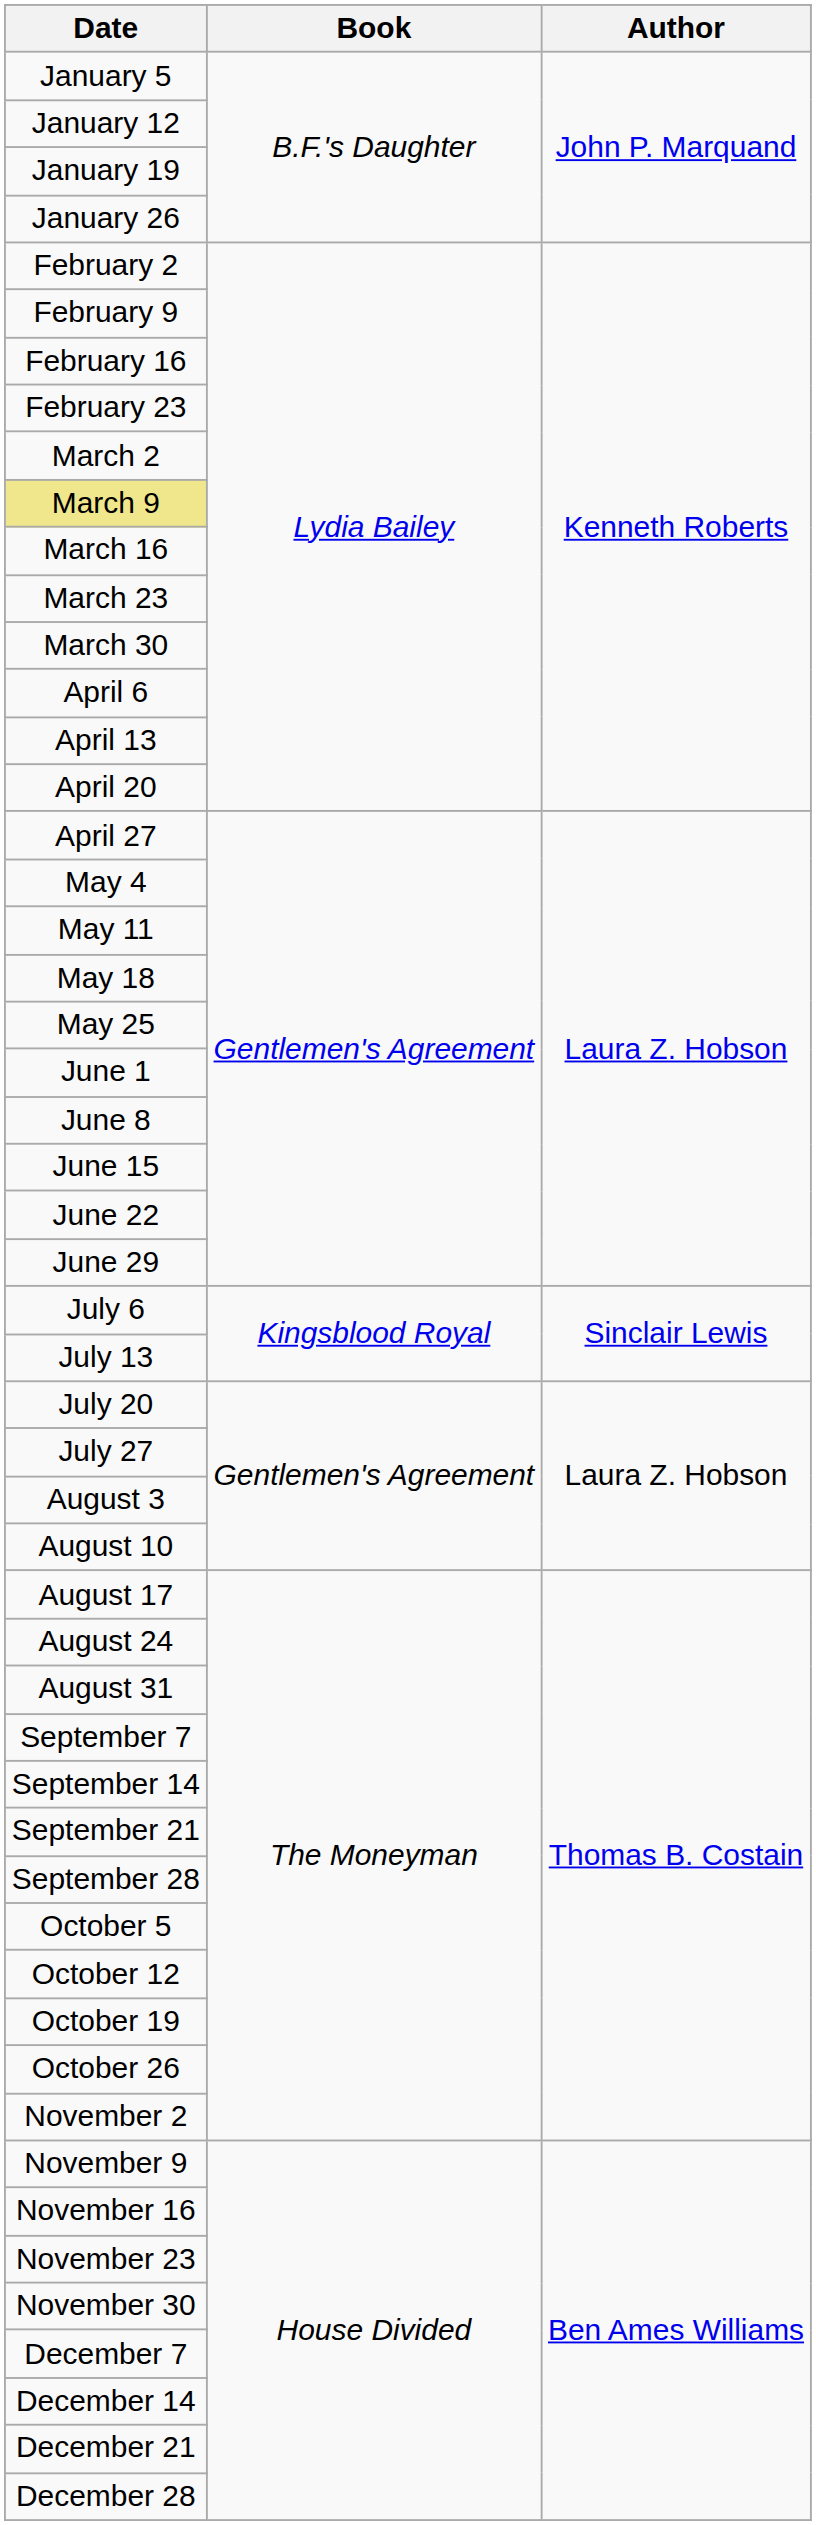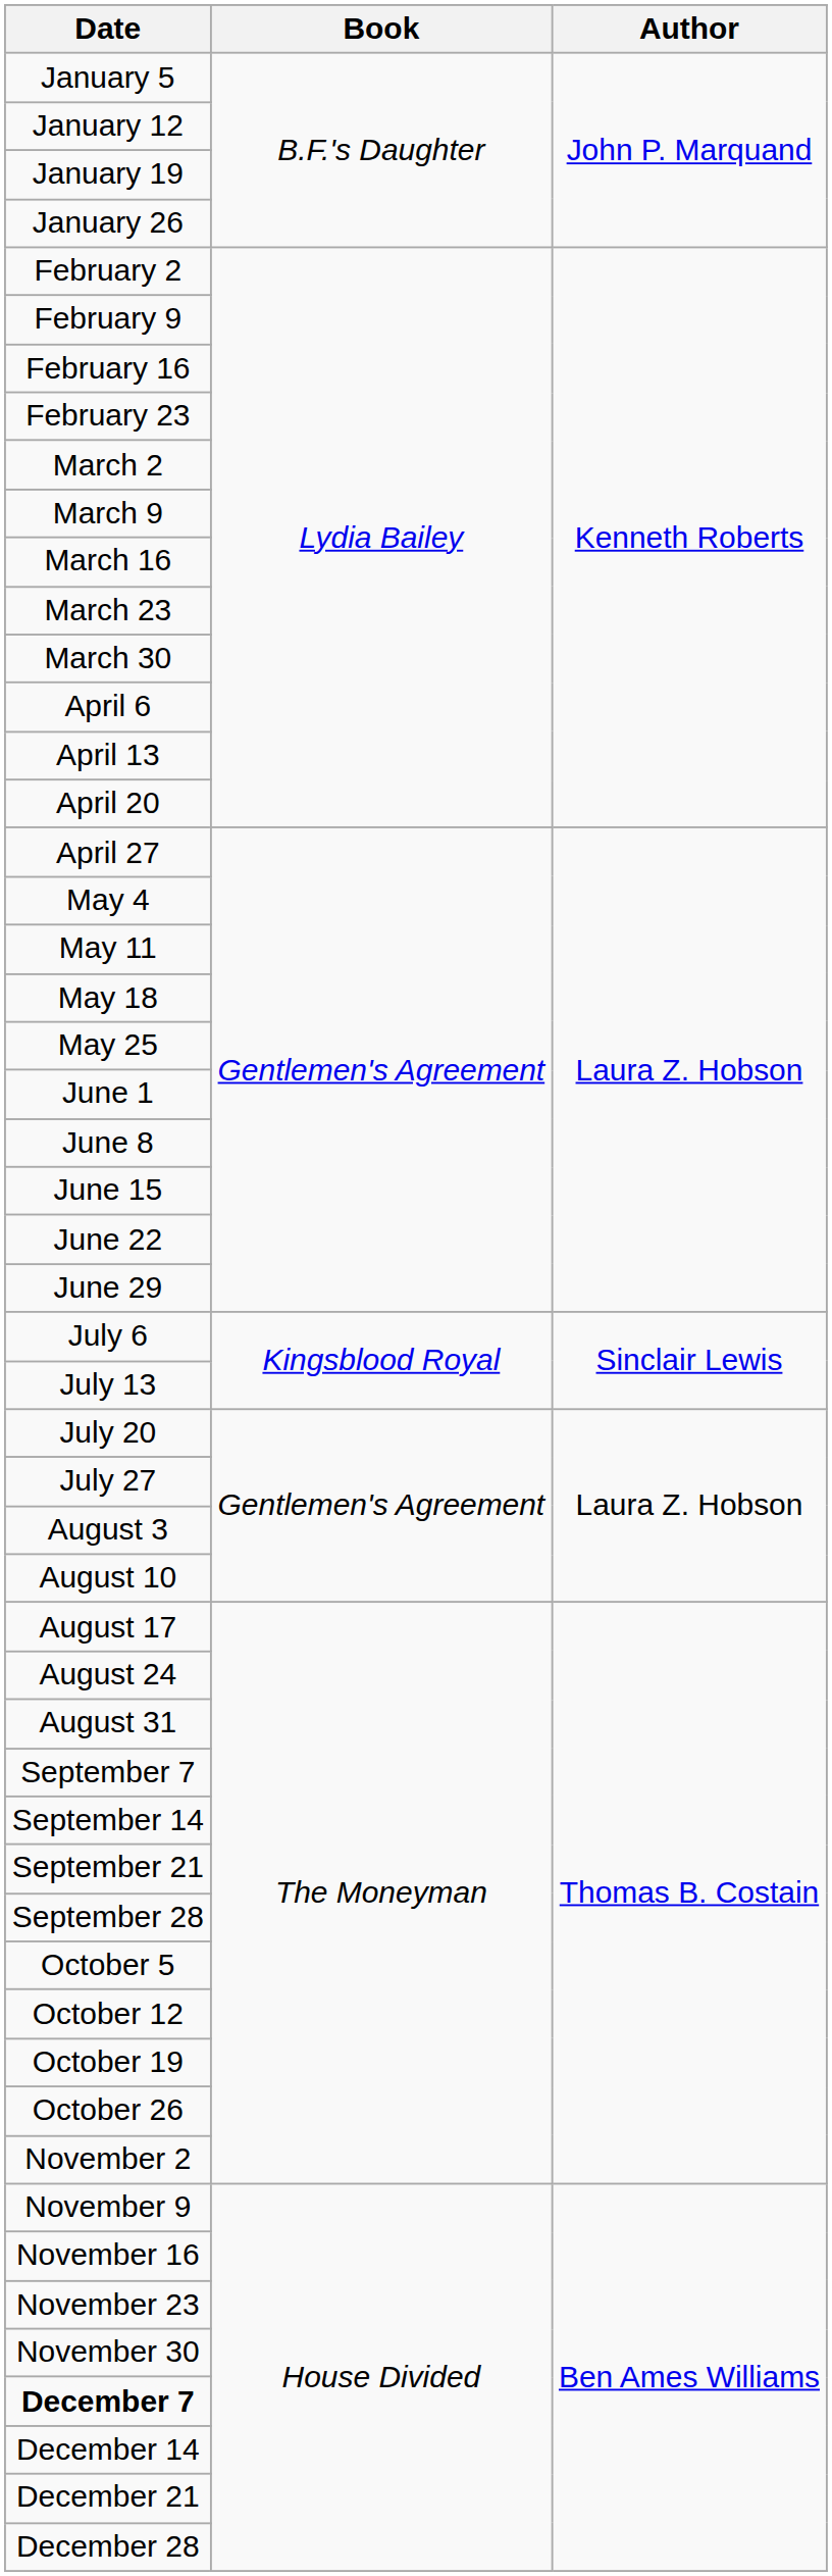 <table class="wikitable sortable" style="text-align: center">
 <tr>
 <th>Date</th>
 <th>Book</th>
 <th>Author</th>
 </tr>
 <tr>
 <td>January 5</td>
 <td rowspan=4><em>B.F.'s Daughter</em></td>
 <td rowspan=4><a href='#'>John P. Marquand</a></td>
 </tr>
 <tr>
 <td>January 12</td>
 </tr>
 <tr>
 <td>January 19</td>
 </tr>
 <tr>
 <td>January 26</td>
 </tr>
 <tr>
 <td>February 2</td>
 <td rowspan=12><em><a href='#'>Lydia Bailey</a></em></td>
 <td rowspan=12><a href='#'>Kenneth Roberts</a></td>
 </tr>
 <tr>
 <td>February 9</td>
 </tr>
 <tr>
 <td>February 16</td>
 </tr>
 <tr>
 <td>February 23</td>
 </tr>
 <tr>
 <td>March 2</td>
 </tr>
 <tr>
-<td style="background: khaki;">March 9</td>
+<td>March 9</td>
 </tr>
 <tr>
 <td>March 16</td>
 </tr>
 <tr>
 <td>March 23</td>
 </tr>
 <tr>
 <td>March 30</td>
 </tr>
 <tr>
 <td>April 6</td>
 </tr>
 <tr>
 <td>April 13</td>
 </tr>
 <tr>
 <td>April 20</td>
 </tr>
 <tr>
 <td>April 27</td>
 <td rowspan=10><em><a href='#'>Gentlemen's Agreement</a></em></td>
 <td rowspan=10><a href='#'>Laura Z. Hobson</a></td>
 </tr>
 <tr>
 <td>May 4</td>
 </tr>
 <tr>
 <td>May 11</td>
 </tr>
 <tr>
 <td>May 18</td>
 </tr>
 <tr>
 <td>May 25</td>
 </tr>
 <tr>
 <td>June 1</td>
 </tr>
 <tr>
 <td>June 8</td>
 </tr>
 <tr>
 <td>June 15</td>
 </tr>
 <tr>
 <td>June 22</td>
 </tr>
 <tr>
 <td>June 29</td>
 </tr>
 <tr>
 <td>July 6</td>
 <td rowspan=2><em><a href='#'>Kingsblood Royal</a></em></td>
 <td rowspan=2><a href='#'>Sinclair Lewis</a></td>
 </tr>
 <tr>
 <td>July 13</td>
 </tr>
 <tr>
 <td>July 20</td>
 <td rowspan=4><em>Gentlemen's Agreement</em></td>
 <td rowspan=4>Laura Z. Hobson</td>
 </tr>
 <tr>
 <td>July 27</td>
 </tr>
 <tr>
 <td>August 3</td>
 </tr>
 <tr>
 <td>August 10</td>
 </tr>
 <tr>
 <td>August 17</td>
 <td rowspan=12><em>The Moneyman</em></td>
 <td rowspan=12><a href='#'>Thomas B. Costain</a></td>
 </tr>
 <tr>
 <td>August 24</td>
 </tr>
 <tr>
 <td>August 31</td>
 </tr>
 <tr>
 <td>September 7</td>
 </tr>
 <tr>
 <td>September 14</td>
 </tr>
 <tr>
 <td>September 21</td>
 </tr>
 <tr>
 <td>September 28</td>
 </tr>
 <tr>
 <td>October 5</td>
 </tr>
 <tr>
 <td>October 12</td>
 </tr>
 <tr>
 <td>October 19</td>
 </tr>
 <tr>
 <td>October 26</td>
 </tr>
 <tr>
 <td>November 2</td>
 </tr>
 <tr>
 <td>November 9</td>
 <td rowspan=8><em>House Divided</em></td>
 <td rowspan=8><a href='#'>Ben Ames Williams</a></td>
 </tr>
 <tr>
 <td>November 16</td>
 </tr>
 <tr>
 <td>November 23</td>
 </tr>
 <tr>
 <td>November 30</td>
 </tr>
 <tr>
-<td>December 7</td>
+<td><strong>December 7</strong></td>
 </tr>
 <tr>
 <td>December 14</td>
 </tr>
 <tr>
 <td>December 21</td>
 </tr>
 <tr>
 <td>December 28</td>
 </tr>
 </table>
